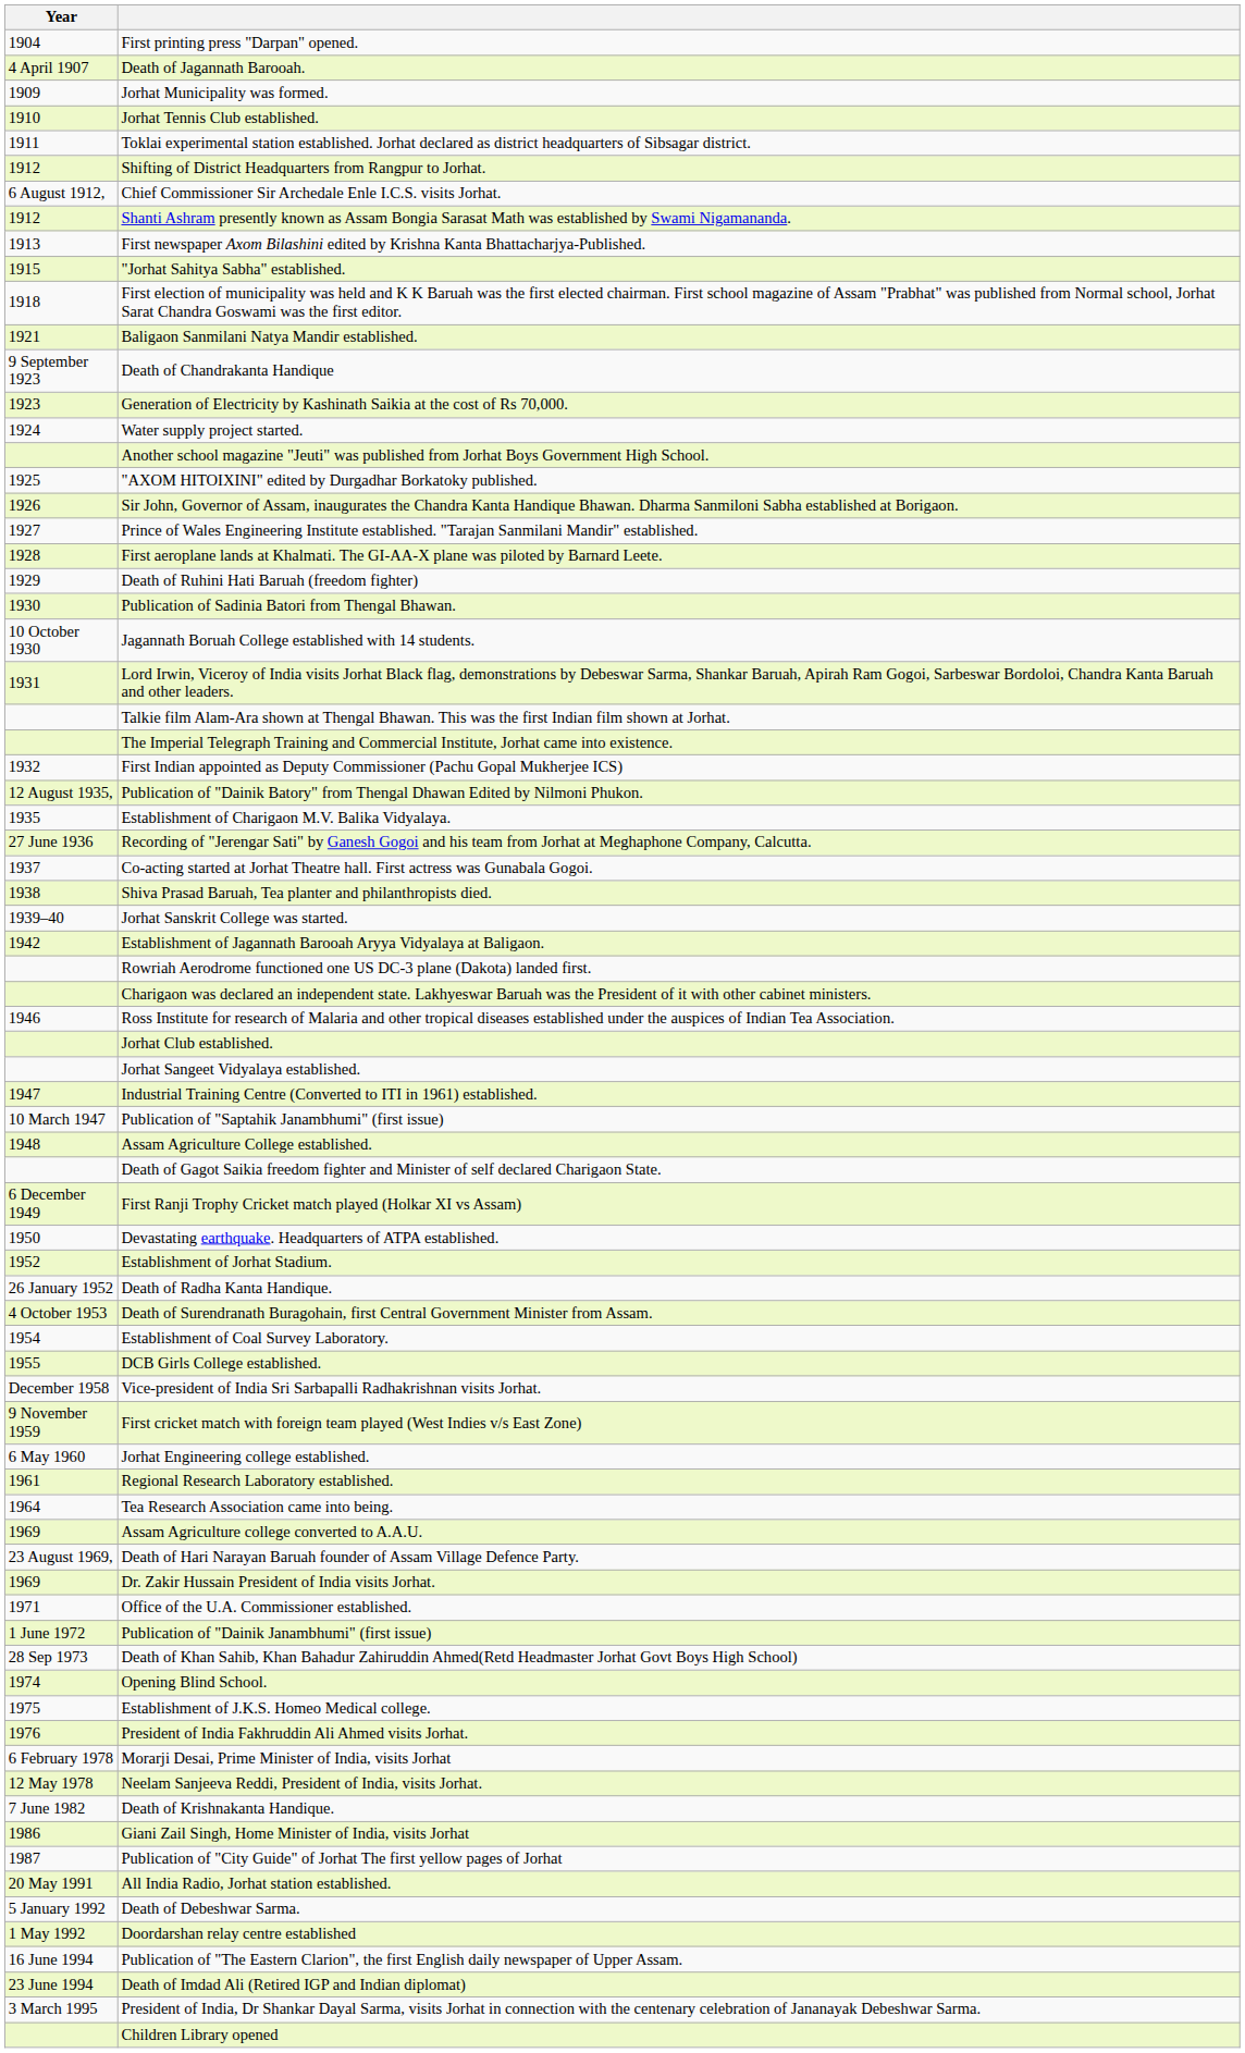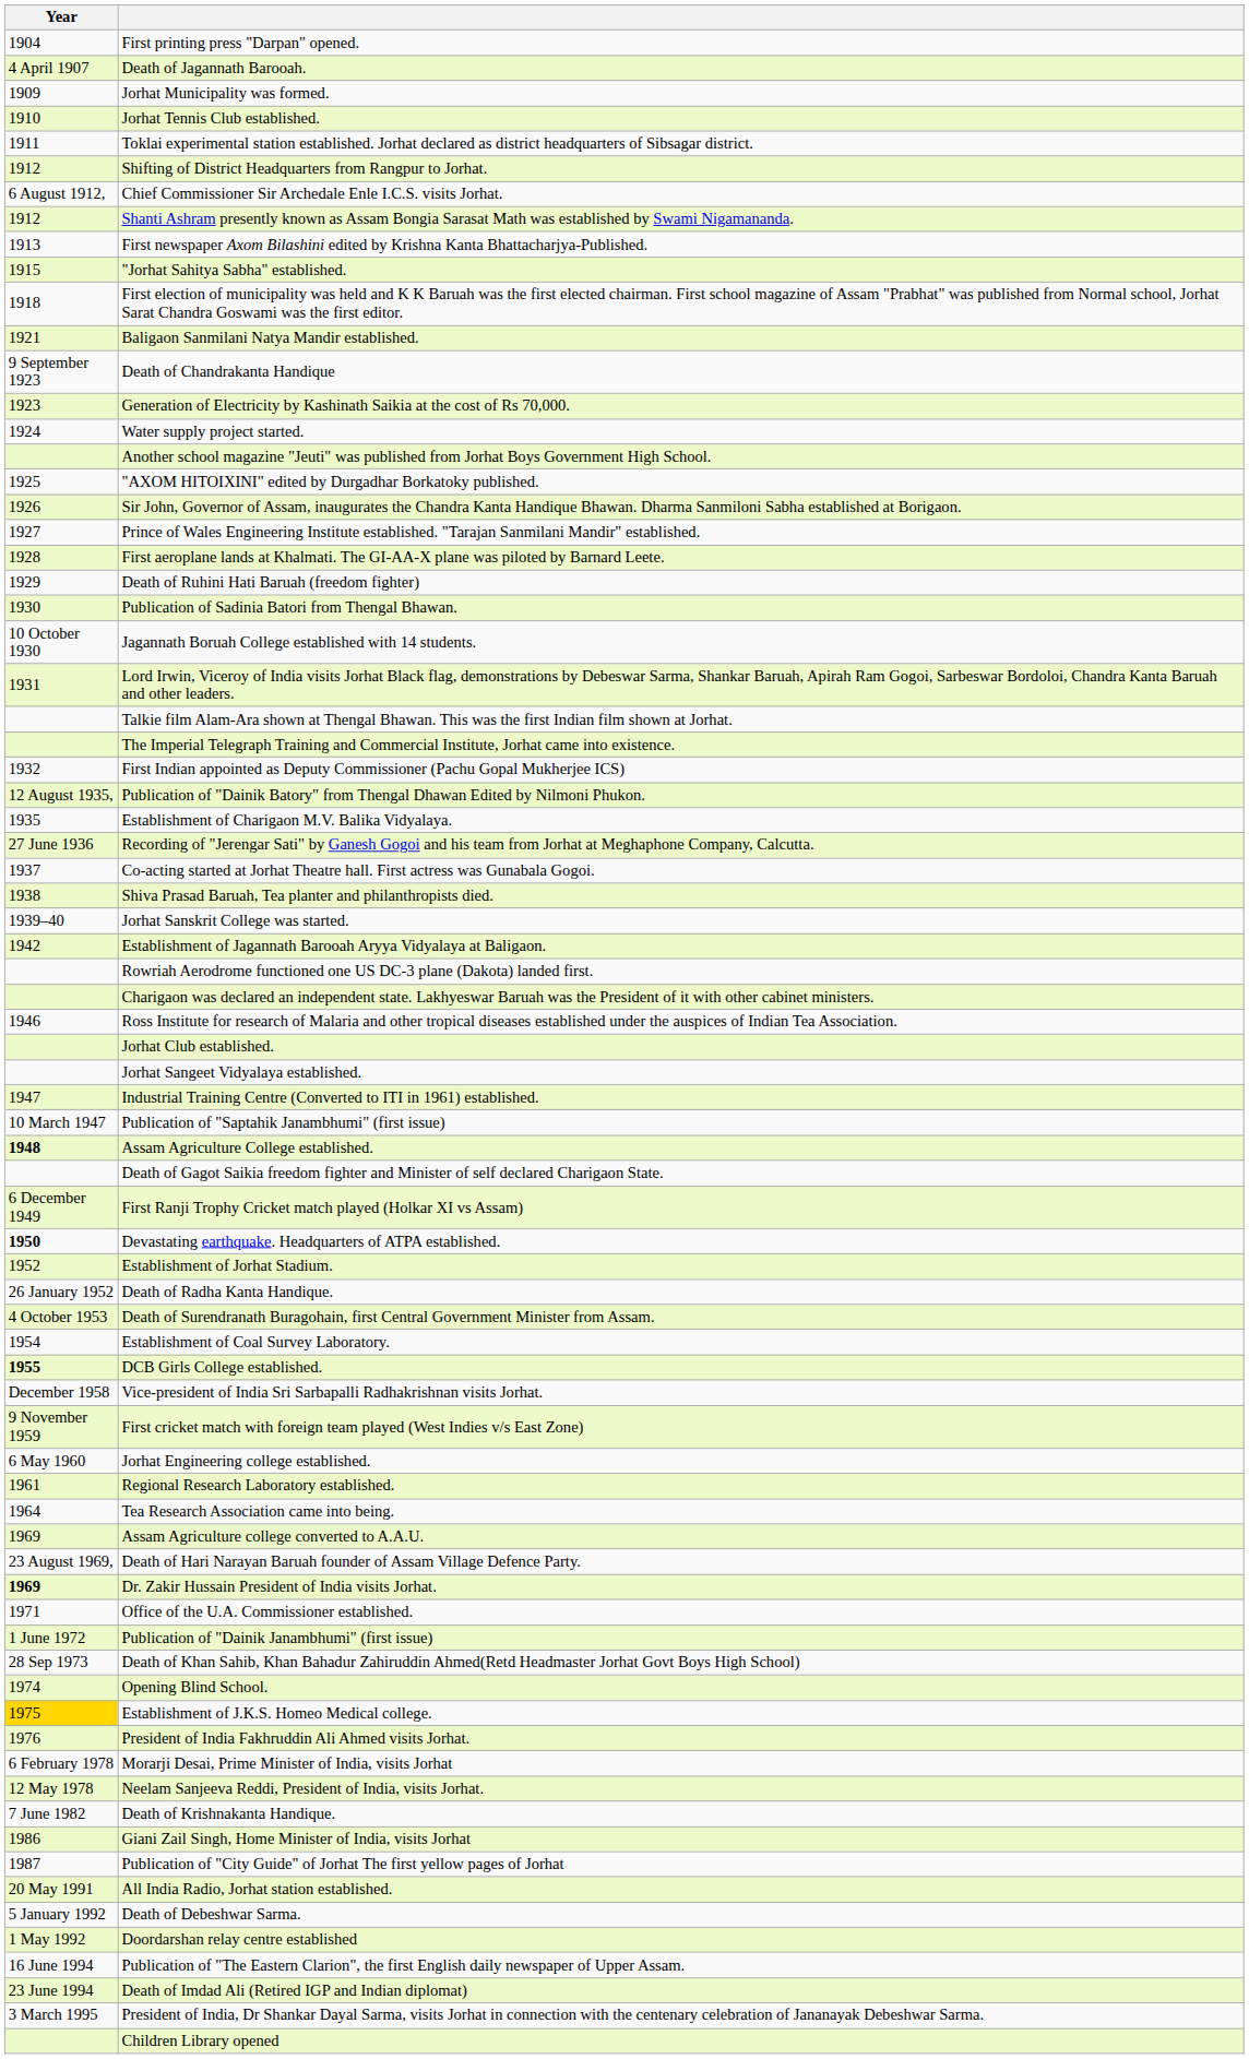 <table class="wikitable">
 <tr>
 <th><strong>Year</strong></th>
 <th></th>
 </tr>
 <tr>
 <td>1904</td>
 <td>First printing press "Darpan"  opened.</td>
 </tr>
 <tr bgcolor="#EEF9CA">
 <td>4 April 1907</td>
 <td>Death of Jagannath Barooah.</td>
 </tr>
 <tr>
 <td>1909</td>
 <td>Jorhat Municipality was formed.</td>
 </tr>
 <tr bgcolor="#EEF9CA">
 <td>1910</td>
 <td>Jorhat Tennis Club established.</td>
 </tr>
 <tr>
 <td>1911</td>
 <td>Toklai experimental station established. Jorhat declared as district headquarters of Sibsagar district.</td>
 </tr>
 <tr bgcolor="#EEF9CA">
 <td>1912</td>
 <td>Shifting of District Headquarters from Rangpur to Jorhat.</td>
 </tr>
 <tr>
 <td>6 August 1912,</td>
 <td>Chief Commissioner Sir Archedale Enle I.C.S. visits Jorhat.</td>
 </tr>
 <tr bgcolor="#EEF9CA">
 <td>1912</td>
 <td><a href='#'>Shanti Ashram</a> presently known as Assam Bongia Sarasat Math was established by <a href='#'>Swami Nigamananda</a>.</td>
 </tr>
 <tr>
 <td>1913</td>
 <td>First newspaper <em>Axom Bilashini</em> edited by Krishna Kanta Bhattacharjya-Published.</td>
 </tr>
 <tr bgcolor="#EEF9CA">
 <td>1915</td>
 <td>"Jorhat Sahitya Sabha" established.</td>
 </tr>
 <tr>
 <td>1918</td>
 <td>First election of municipality was held and K K Baruah was the first elected chairman. First school magazine of Assam "Prabhat" was published from Normal school, Jorhat Sarat Chandra Goswami was the first editor.</td>
 </tr>
 <tr bgcolor="#EEF9CA">
 <td>1921</td>
 <td>Baligaon Sanmilani Natya Mandir established.</td>
 </tr>
 <tr>
 <td>9 September 1923</td>
 <td>Death of Chandrakanta Handique</td>
 </tr>
 <tr bgcolor="#EEF9CA">
 <td>1923</td>
 <td>Generation of Electricity by Kashinath Saikia at the cost of Rs 70,000.</td>
 </tr>
 <tr>
 <td>1924</td>
 <td>Water supply project started.</td>
 </tr>
 <tr bgcolor="#EEF9CA">
 <td></td>
 <td>Another school magazine "Jeuti" was published from Jorhat Boys Government High School.</td>
 </tr>
 <tr>
 <td>1925</td>
 <td>"AXOM HITOIXINI" edited by Durgadhar Borkatoky published.</td>
 </tr>
 <tr bgcolor="#EEF9CA">
 <td>1926</td>
 <td>Sir John, Governor of Assam, inaugurates the Chandra Kanta Handique Bhawan. Dharma Sanmiloni Sabha established at Borigaon.</td>
 </tr>
 <tr>
 <td>1927</td>
 <td>Prince of Wales Engineering Institute established. "Tarajan Sanmilani Mandir" established.</td>
 </tr>
 <tr bgcolor="#EEF9CA">
 <td>1928</td>
 <td>First aeroplane lands at Khalmati. The GI-AA-X plane was piloted by Barnard Leete.</td>
 </tr>
 <tr>
 <td>1929</td>
 <td>Death of Ruhini Hati Baruah (freedom fighter)</td>
 </tr>
 <tr bgcolor="#EEF9CA">
 <td>1930</td>
 <td>Publication of Sadinia Batori from Thengal Bhawan.</td>
 </tr>
 <tr>
 <td>10 October 1930</td>
 <td>Jagannath Boruah College established with 14 students.</td>
 </tr>
 <tr bgcolor="#EEF9CA">
 <td>1931</td>
 <td>Lord Irwin, Viceroy of India visits Jorhat Black flag, demonstrations by Debeswar Sarma, Shankar Baruah, Apirah Ram Gogoi, Sarbeswar Bordoloi, Chandra Kanta Baruah and other leaders.</td>
 </tr>
 <tr>
 <td></td>
 <td>Talkie film Alam-Ara shown at Thengal Bhawan. This was the first Indian film shown at Jorhat.</td>
 </tr>
 <tr bgcolor="#EEF9CA">
 <td></td>
 <td>The Imperial Telegraph Training and Commercial Institute, Jorhat came into existence.</td>
 </tr>
 <tr>
 <td>1932</td>
 <td>First Indian appointed as Deputy Commissioner (Pachu Gopal Mukherjee ICS)</td>
 </tr>
 <tr bgcolor="#EEF9CA">
 <td>12 August 1935,</td>
 <td>Publication of "Dainik Batory" from Thengal Dhawan Edited by Nilmoni Phukon.</td>
 </tr>
 <tr>
 <td>1935</td>
 <td>Establishment of Charigaon M.V. Balika Vidyalaya.</td>
 </tr>
 <tr bgcolor="#EEF9CA">
 <td>27 June 1936</td>
 <td>Recording of "Jerengar Sati" by <a href='#'>Ganesh Gogoi</a> and his team from Jorhat at Meghaphone Company, Calcutta.</td>
 </tr>
 <tr>
 <td>1937</td>
 <td>Co-acting started at Jorhat Theatre hall. First actress was Gunabala Gogoi.</td>
 </tr>
 <tr bgcolor="#EEF9CA">
 <td>1938</td>
 <td>Shiva Prasad Baruah, Tea planter and philanthropists died.</td>
 </tr>
 <tr>
 <td>1939–40</td>
 <td>Jorhat Sanskrit College was started.</td>
 </tr>
 <tr bgcolor="#EEF9CA">
 <td>1942</td>
 <td>Establishment of Jagannath Barooah Aryya Vidyalaya at Baligaon.</td>
 </tr>
 <tr>
 <td></td>
 <td>Rowriah Aerodrome functioned one US DC-3 plane (Dakota) landed first.</td>
 </tr>
 <tr bgcolor="#EEF9CA">
 <td></td>
 <td>Charigaon was declared an independent state. Lakhyeswar Baruah was the President of it with other cabinet ministers.</td>
 </tr>
 <tr>
 <td>1946</td>
 <td>Ross Institute for research of Malaria and other tropical diseases established under the auspices of Indian Tea Association.</td>
 </tr>
 <tr bgcolor="#EEF9CA">
 <td></td>
 <td>Jorhat Club established.</td>
 </tr>
 <tr>
 <td></td>
 <td>Jorhat Sangeet Vidyalaya established.</td>
 </tr>
 <tr bgcolor="#EEF9CA">
 <td>1947</td>
 <td>Industrial Training Centre (Converted to ITI in 1961) established.</td>
 </tr>
 <tr>
 <td>10 March 1947</td>
 <td>Publication of "Saptahik Janambhumi" (first issue)</td>
 </tr>
 <tr bgcolor="#EEF9CA">
-<td>1948</td>
+<td><strong>1948</strong></td>
 <td>Assam Agriculture College established.</td>
 </tr>
 <tr>
 <td></td>
 <td>Death of Gagot Saikia freedom fighter and Minister of self declared Charigaon State.</td>
 </tr>
 <tr bgcolor="#EEF9CA">
 <td>6 December 1949</td>
 <td>First Ranji Trophy Cricket match played (Holkar XI vs Assam)</td>
 </tr>
 <tr>
-<td>1950</td>
+<td><strong>1950</strong></td>
 <td>Devastating <a href='#'>earthquake</a>. Headquarters of ATPA established.</td>
 </tr>
 <tr bgcolor="#EEF9CA">
 <td>1952</td>
 <td>Establishment of Jorhat Stadium.</td>
 </tr>
 <tr>
 <td>26 January 1952</td>
 <td>Death of Radha Kanta Handique.</td>
 </tr>
 <tr bgcolor="#EEF9CA">
 <td>4 October 1953</td>
 <td>Death of Surendranath Buragohain, first Central Government Minister from Assam.</td>
 </tr>
 <tr>
 <td>1954</td>
 <td>Establishment of Coal Survey Laboratory.</td>
 </tr>
 <tr bgcolor="#EEF9CA">
-<td>1955</td>
+<td><strong>1955</strong></td>
 <td>DCB Girls College established.</td>
 </tr>
 <tr>
 <td>December 1958</td>
 <td>Vice-president of India Sri Sarbapalli Radhakrishnan visits Jorhat.</td>
 </tr>
 <tr bgcolor="#EEF9CA">
 <td>9 November 1959</td>
 <td>First cricket match with foreign team played (West Indies v/s East Zone)</td>
 </tr>
 <tr>
 <td>6 May 1960</td>
 <td>Jorhat Engineering college established.</td>
 </tr>
 <tr bgcolor="#EEF9CA">
 <td>1961</td>
 <td>Regional Research Laboratory established.</td>
 </tr>
 <tr>
 <td>1964</td>
 <td>Tea Research Association came into being.</td>
 </tr>
 <tr bgcolor="#EEF9CA">
 <td>1969</td>
 <td>Assam Agriculture college converted to A.A.U.</td>
 </tr>
 <tr>
 <td>23 August 1969,</td>
 <td>Death of Hari Narayan Baruah founder of Assam Village Defence Party.</td>
 </tr>
 <tr bgcolor="#EEF9CA">
-<td>1969</td>
+<td><strong>1969</strong></td>
 <td>Dr. Zakir Hussain President of India visits Jorhat.</td>
 </tr>
 <tr>
 <td>1971</td>
 <td>Office of the U.A. Commissioner established.</td>
 </tr>
 <tr bgcolor="#EEF9CA">
 <td>1 June 1972</td>
 <td>Publication of "Dainik Janambhumi" (first issue)</td>
 </tr>
 <tr>
 <td>28 Sep 1973</td>
 <td>Death of Khan Sahib, Khan Bahadur Zahiruddin Ahmed(Retd Headmaster Jorhat Govt Boys High School)</td>
 </tr>
 <tr bgcolor="#EEF9CA">
 <td>1974</td>
 <td>Opening Blind School.</td>
 </tr>
 <tr>
-<td>1975</td>
+<td style="background: gold;">1975</td>
 <td>Establishment of J.K.S. Homeo Medical college.</td>
 </tr>
 <tr bgcolor="#EEF9CA">
 <td>1976</td>
 <td>President of India Fakhruddin Ali Ahmed visits Jorhat.</td>
 </tr>
 <tr>
 <td>6 February 1978</td>
 <td>Morarji Desai, Prime Minister of India, visits Jorhat</td>
 </tr>
 <tr bgcolor="#EEF9CA">
 <td>12 May 1978</td>
 <td>Neelam Sanjeeva Reddi, President of India, visits Jorhat.</td>
 </tr>
 <tr>
 <td>7 June 1982</td>
 <td>Death of Krishnakanta Handique.</td>
 </tr>
 <tr bgcolor="#EEF9CA">
 <td>1986</td>
 <td>Giani Zail Singh, Home Minister of India, visits Jorhat</td>
 </tr>
 <tr>
 <td>1987</td>
 <td>Publication of "City Guide" of Jorhat The first yellow pages of Jorhat</td>
 </tr>
 <tr bgcolor="#EEF9CA">
 <td>20 May 1991</td>
 <td>All India Radio, Jorhat station established.</td>
 </tr>
 <tr>
 <td>5 January 1992</td>
 <td>Death of Debeshwar Sarma.</td>
 </tr>
 <tr bgcolor="#EEF9CA">
 <td>1 May 1992</td>
 <td>Doordarshan relay centre established</td>
 </tr>
 <tr>
 <td>16 June 1994</td>
 <td>Publication of  "The Eastern Clarion", the first English daily newspaper of Upper Assam.</td>
 </tr>
 <tr bgcolor="#EEF9CA">
 <td>23 June 1994</td>
 <td>Death of Imdad Ali (Retired IGP and Indian diplomat)</td>
 </tr>
 <tr>
 <td>3 March 1995</td>
 <td>President of India, Dr Shankar Dayal Sarma, visits Jorhat in connection with the centenary celebration of Jananayak Debeshwar Sarma.</td>
 </tr>
 <tr bgcolor="#EEF9CA">
 <td></td>
 <td>Children Library opened</td>
 </tr>
 </table>
